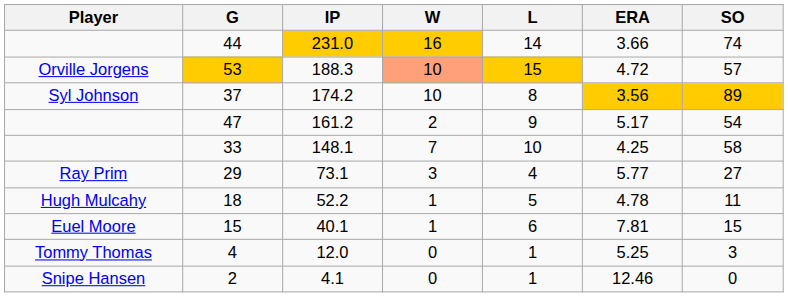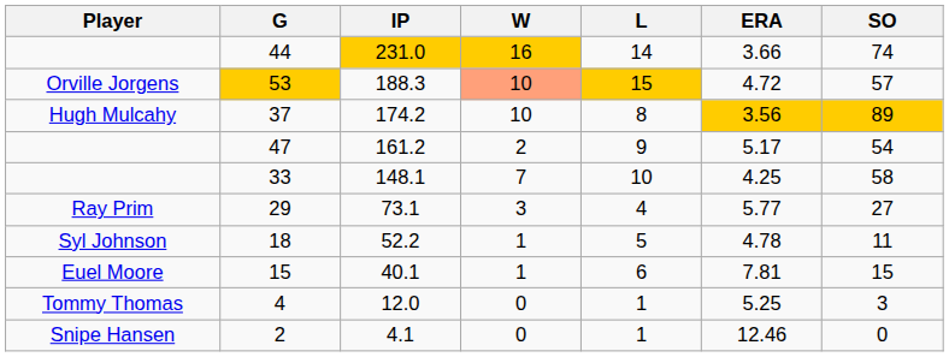 <table class="wikitable sortable">
 <tr>
 <th bgcolor="#DDDDFF" width="16%">Player</th>
 <th bgcolor="#DDDDFF" width="9%">G</th>
 <th bgcolor="#DDDDFF" width="9%">IP</th>
 <th bgcolor="#DDDDFF" width="9%">W</th>
 <th bgcolor="#DDDDFF" width="9%">L</th>
 <th bgcolor="#DDDDFF" width="9%">ERA</th>
 <th bgcolor="#DDDDFF" width="9%">SO</th>
 </tr>
 <tr align="center">
 <td></td>
 <td>44</td>
 <td style="background:#fc0;">231.0</td>
 <td style="background:#fc0;">16</td>
 <td>14</td>
 <td>3.66</td>
 <td>74</td>
 </tr>
 <tr align="center">
 <td><a href='#'>Orville Jorgens</a></td>
 <td style="background:#fc0;">53</td>
 <td>188.3</td>
 <td style="background: lightsalmon;">10</td>
 <td style="background:#fc0;">15</td>
 <td>4.72</td>
 <td>57</td>
 </tr>
 <tr align=center>
-<td><a href='#'>Syl Johnson</a></td>
+<td><a href='#'>Hugh Mulcahy</a></td>
 <td>37</td>
 <td>174.2</td>
 <td>10</td>
 <td>8</td>
 <td style="background:#fc0;">3.56</td>
 <td style="background:#fc0;">89</td>
 </tr>
 <tr align=center>
 <td></td>
 <td>47</td>
 <td>161.2</td>
 <td>2</td>
 <td>9</td>
 <td>5.17</td>
 <td>54</td>
 </tr>
 <tr align="center">
 <td></td>
 <td>33</td>
 <td>148.1</td>
 <td>7</td>
 <td>10</td>
 <td>4.25</td>
 <td>58</td>
 </tr>
 <tr align="center">
 <td><a href='#'>Ray Prim</a></td>
 <td>29</td>
 <td>73.1</td>
 <td>3</td>
 <td>4</td>
 <td>5.77</td>
 <td>27</td>
 </tr>
 <tr align=center>
-<td><a href='#'>Hugh Mulcahy</a></td>
+<td><a href='#'>Syl Johnson</a></td>
 <td>18</td>
 <td>52.2</td>
 <td>1</td>
 <td>5</td>
 <td>4.78</td>
 <td>11</td>
 </tr>
 <tr align=center>
 <td><a href='#'>Euel Moore</a></td>
 <td>15</td>
 <td>40.1</td>
 <td>1</td>
 <td>6</td>
 <td>7.81</td>
 <td>15</td>
 </tr>
 <tr align=center>
 <td><a href='#'>Tommy Thomas</a></td>
 <td>4</td>
 <td>12.0</td>
 <td>0</td>
 <td>1</td>
 <td>5.25</td>
 <td>3</td>
 </tr>
 <tr align=center>
 <td><a href='#'>Snipe Hansen</a></td>
 <td>2</td>
 <td>4.1</td>
 <td>0</td>
 <td>1</td>
 <td>12.46</td>
 <td>0</td>
 </tr>
 </table>
